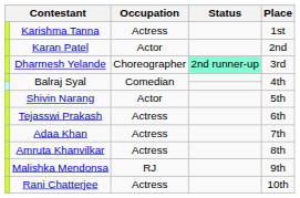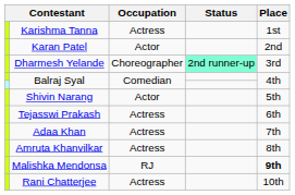 <table class="wikitable sortable" style="text-align:center;">
 <tr>
 <th colspan="2">Contestant</th>
 <th>Occupation</th>
 <th>Status</th>
 <th>Place</th>
 </tr>
 <tr>
 <td style="background:#D0FF14;"></td>
 <td><a href='#'>Karishma Tanna</a></td>
 <td>Actress</td>
 <td></td>
 <td>1st</td>
 </tr>
 <tr>
 <td style="background:#D0FF14;"></td>
 <td><a href='#'>Karan Patel</a></td>
 <td>Actor</td>
 <td></td>
 <td>2nd</td>
 </tr>
 <tr>
 <td style="background:#D0FF14;"></td>
 <td><a href='#'>Dharmesh Yelande</a></td>
 <td>Choreographer</td>
 <td bgcolor="#7FFFD4">2nd runner-up</td>
 <td>3rd</td>
 </tr>
 <tr>
 <td style="background:#D0FF14;"></td>
 <td rowspan="2">Balraj Syal</td>
 <td rowspan="2">Comedian</td>
 <td></td>
 <td rowspan="2">4th</td>
 </tr>
 <tr>
 <td style="background:#B2FFFF;"></td>
 <td></td>
 </tr>
 <tr>
 <td style="background:#D0FF14;"></td>
 <td><a href='#'>Shivin Narang</a></td>
 <td>Actor</td>
 <td></td>
 <td>5th</td>
 </tr>
 <tr>
 <td style="background:#D0FF14;"></td>
 <td><a href='#'>Tejasswi Prakash</a></td>
 <td>Actress</td>
 <td></td>
 <td>6th</td>
 </tr>
 <tr>
 <td style="background:#D0FF14;"></td>
 <td><a href='#'>Adaa Khan</a></td>
 <td>Actress</td>
 <td></td>
 <td>7th</td>
 </tr>
 <tr>
 <td style="background:#D0FF14;"></td>
 <td><a href='#'>Amruta Khanvilkar</a></td>
 <td>Actress</td>
 <td></td>
 <td>8th</td>
 </tr>
 <tr>
 <td style="background:#D0FF14;"></td>
 <td><a href='#'>Malishka Mendonsa</a></td>
 <td>RJ</td>
 <td></td>
-<td>9th</td>
+<td><strong>9th</strong></td>
 </tr>
 <tr>
 <td style="background:#D0FF14;"></td>
 <td><a href='#'>Rani Chatterjee</a></td>
 <td>Actress</td>
 <td></td>
 <td>10th</td>
 </tr>
 </table>
